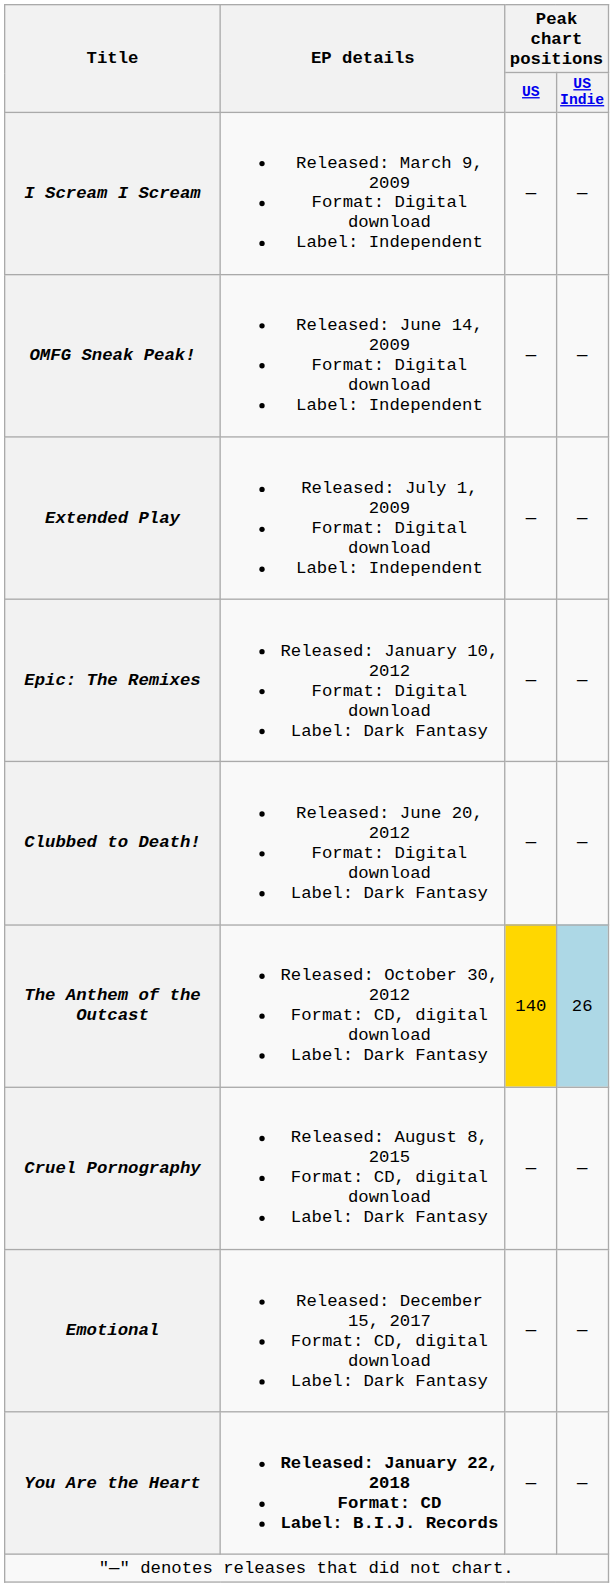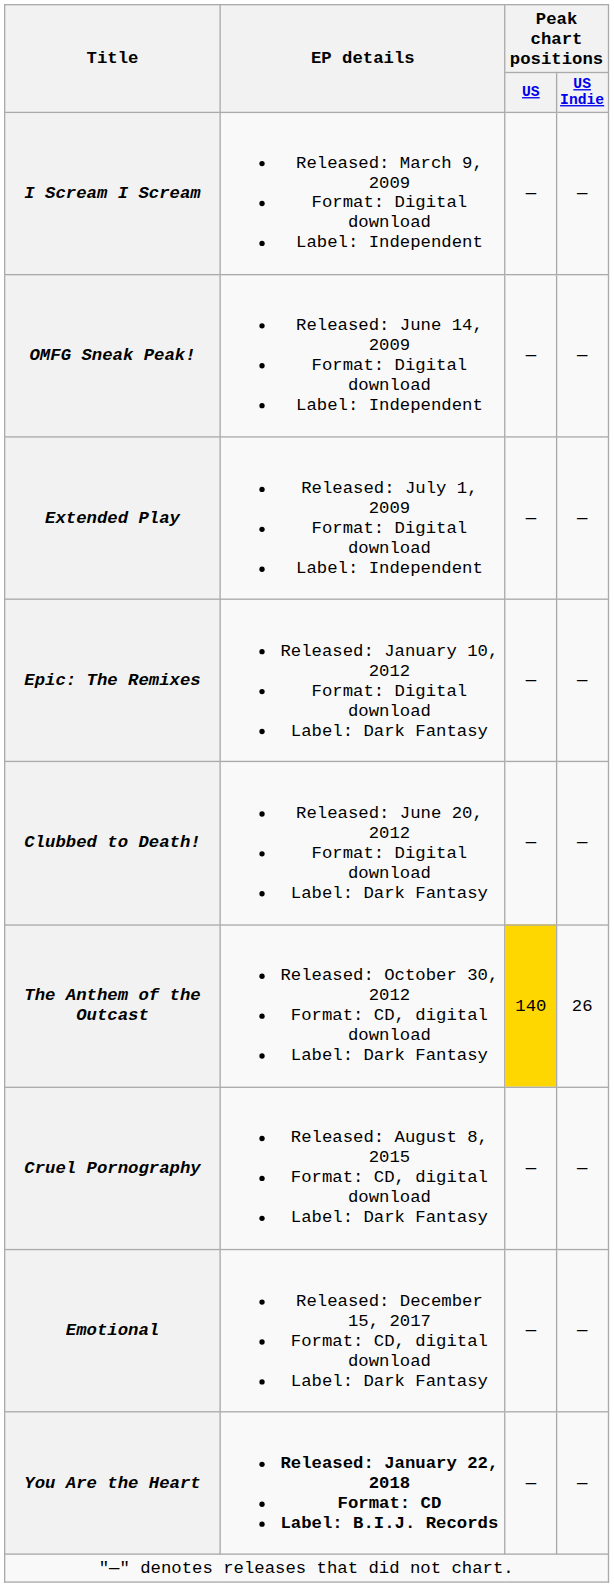 <table class="wikitable plainrowheaders" style="text-align:center;" border="1">
 <tr>
 <th scope="col" rowspan="2" style="width:12em;">Title</th>
 <th scope="col" rowspan="2" style="width:16em;">EP details</th>
 <th scope="col" colspan="2">Peak chart positions</th>
 </tr>
 <tr>
 <th scope="col" style="width:3em;font-size:85%;"><a href='#'>US</a><br></th>
 <th scope="col" style="width:3em;font-size:85%;"><a href='#'>US Indie</a><br></th>
 </tr>
 <tr>
 <th scope="row"><em>I Scream I Scream</em></th>
 <td><br><ul><li>Released: March 9, 2009</li><li>Format: Digital download</li><li>Label: Independent</li></ul></td>
 <td>—</td>
 <td>—</td>
 </tr>
 <tr>
 <th scope="row"><em>OMFG Sneak Peak!</em></th>
 <td><br><ul><li>Released: June 14, 2009</li><li>Format: Digital download</li><li>Label: Independent</li></ul></td>
 <td>—</td>
 <td>—</td>
 </tr>
 <tr>
 <th scope="row"><em>Extended Play</em></th>
 <td><br><ul><li>Released: July 1, 2009</li><li>Format: Digital download</li><li>Label: Independent</li></ul></td>
 <td>—</td>
 <td>—</td>
 </tr>
 <tr>
 <th scope="row"><em>Epic: The Remixes</em></th>
 <td><br><ul><li>Released: January 10, 2012</li><li>Format: Digital download</li><li>Label: Dark Fantasy</li></ul></td>
 <td>—</td>
 <td>—</td>
 </tr>
 <tr>
 <th scope="row"><em>Clubbed to Death!</em></th>
 <td><br><ul><li>Released: June 20, 2012</li><li>Format: Digital download</li><li>Label: Dark Fantasy</li></ul></td>
 <td>—</td>
 <td>—</td>
 </tr>
 <tr>
 <th scope="row"><em>The Anthem of the Outcast</em></th>
 <td><br><ul><li>Released: October 30, 2012</li><li>Format: CD, digital download</li><li>Label: Dark Fantasy</li></ul></td>
 <td style="background: gold;">140</td>
-<td style="background: lightblue;">26</td>
+<td>26</td>
 </tr>
 <tr>
 <th scope="row"><em>Cruel Pornography</em></th>
 <td><br><ul><li>Released: August 8, 2015</li><li>Format: CD, digital download</li><li>Label: Dark Fantasy</li></ul></td>
 <td>—</td>
 <td>—</td>
 </tr>
 <tr>
 <th scope="row"><em>Emotional</em></th>
 <td><br><ul><li>Released: December 15, 2017</li><li>Format: CD, digital download</li><li>Label: Dark Fantasy</li></ul></td>
 <td>—</td>
 <td>—</td>
 </tr>
 <tr>
 <th scope="row"><em>You Are the Heart</em></th>
 <td><strong><br><ul><li>Released: January 22, 2018</li><li>Format: CD</li><li>Label: B.I.J. Records</li></ul></strong></td>
 <td>—</td>
 <td>—</td>
 </tr>
 <tr>
 <td colspan="6" style="text-align:center;">"—" denotes releases that did not chart.</td>
 </tr>
 </table>
